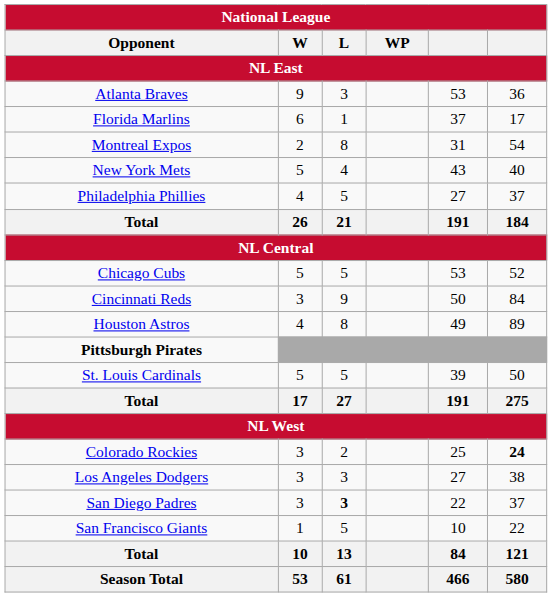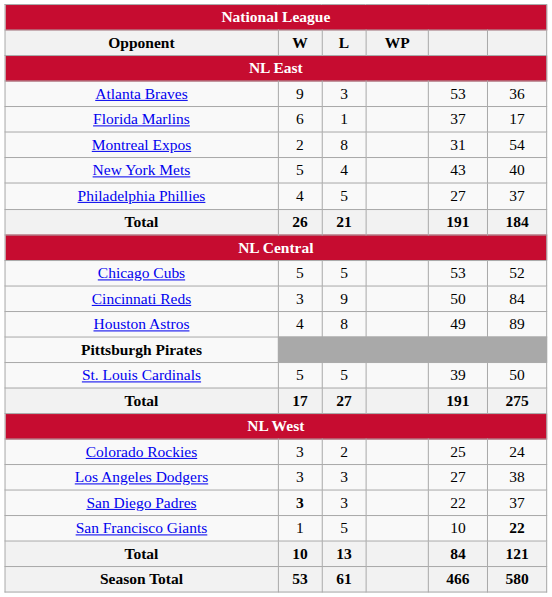 <table class="wikitable" style="font-size:95%; text-align:center; width:35em;margin: 0.5em auto;">
 <tr>
 <th colspan="7" style="background:#c60c30; color:#ffffff;">National League</th>
 </tr>
 <tr>
 <th>Opponent</th>
 <th>W</th>
 <th>L</th>
 <th>WP</th>
 <th></th>
 <th></th>
 </tr>
 <tr>
 <th colspan="7" style="background:#c60c30; color:#ffffff;">NL East</th>
 </tr>
 <tr>
 <td><a href='#'>Atlanta Braves</a></td>
 <td>9</td>
 <td>3</td>
 <td></td>
 <td>53</td>
 <td>36</td>
 </tr>
 <tr>
 <td><a href='#'>Florida Marlins</a></td>
 <td>6</td>
 <td>1</td>
 <td></td>
 <td>37</td>
 <td>17</td>
 </tr>
 <tr>
 <td><a href='#'>Montreal Expos</a></td>
 <td>2</td>
 <td>8</td>
 <td></td>
 <td>31</td>
 <td>54</td>
 </tr>
 <tr>
 <td><a href='#'>New York Mets</a></td>
 <td>5</td>
 <td>4</td>
 <td></td>
 <td>43</td>
 <td>40</td>
 </tr>
 <tr>
 <td><a href='#'>Philadelphia Phillies</a></td>
 <td>4</td>
 <td>5</td>
 <td></td>
 <td>27</td>
 <td>37</td>
 </tr>
 <tr>
 <th>Total</th>
 <th>26</th>
 <th>21</th>
 <th></th>
 <th>191</th>
 <th>184</th>
 </tr>
 <tr>
 <th colspan="7" style="background:#c60c30; color:#ffffff;">NL Central</th>
 </tr>
 <tr>
 <td><a href='#'>Chicago Cubs</a></td>
 <td>5</td>
 <td>5</td>
 <td></td>
 <td>53</td>
 <td>52</td>
 </tr>
 <tr>
 <td><a href='#'>Cincinnati Reds</a></td>
 <td>3</td>
 <td>9</td>
 <td></td>
 <td>50</td>
 <td>84</td>
 </tr>
 <tr>
 <td><a href='#'>Houston Astros</a></td>
 <td>4</td>
 <td>8</td>
 <td></td>
 <td>49</td>
 <td>89</td>
 </tr>
 <tr>
 <td><strong>Pittsburgh Pirates</strong></td>
 <td colspan=5 style="background:darkgray;"></td>
 </tr>
 <tr>
 <td><a href='#'>St. Louis Cardinals</a></td>
 <td>5</td>
 <td>5</td>
 <td></td>
 <td>39</td>
 <td>50</td>
 </tr>
 <tr>
 <th>Total</th>
 <th>17</th>
 <th>27</th>
 <th></th>
 <th>191</th>
 <th>275</th>
 </tr>
 <tr>
 <th colspan="7" style="background:#c60c30; color:#ffffff;">NL West</th>
 </tr>
 <tr>
 <td><a href='#'>Colorado Rockies</a></td>
 <td>3</td>
 <td>2</td>
 <td></td>
 <td>25</td>
-<td><strong>24</strong></td>
+<td>24</td>
 </tr>
 <tr>
 <td><a href='#'>Los Angeles Dodgers</a></td>
 <td>3</td>
 <td>3</td>
 <td></td>
 <td>27</td>
 <td>38</td>
 </tr>
 <tr>
 <td><a href='#'>San Diego Padres</a></td>
+<td><strong>3</strong></td>
 <td>3</td>
-<td><strong>3</strong></td>
 <td></td>
 <td>22</td>
 <td>37</td>
 </tr>
 <tr>
 <td><a href='#'>San Francisco Giants</a></td>
 <td>1</td>
 <td>5</td>
 <td></td>
 <td>10</td>
-<td>22</td>
+<td><strong>22</strong></td>
 </tr>
 <tr>
 <th>Total</th>
 <th>10</th>
 <th>13</th>
 <th></th>
 <th>84</th>
 <th>121</th>
 </tr>
 <tr>
 <th>Season Total</th>
 <th>53</th>
 <th>61</th>
 <th></th>
 <th>466</th>
 <th>580</th>
 </tr>
 </table>
